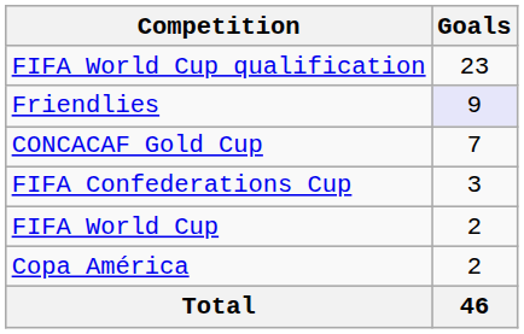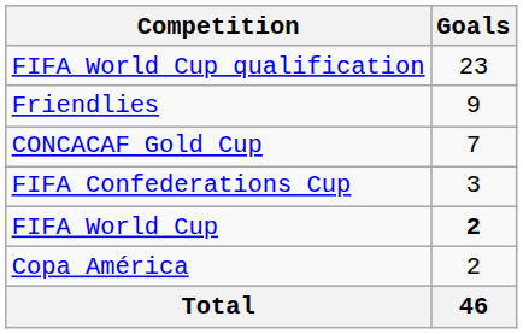 <table class="wikitable sortable" style="text-align:center">
 <tr>
 <th scope="col">Competition</th>
 <th scope="col">Goals</th>
 </tr>
 <tr>
 <td style="text-align:left"><a href='#'>FIFA World Cup qualification</a></td>
 <td>23</td>
 </tr>
 <tr>
 <td style="text-align:left"><a href='#'>Friendlies</a></td>
-<td style="background: lavender;">9</td>
+<td>9</td>
 </tr>
 <tr>
 <td style="text-align:left"><a href='#'>CONCACAF Gold Cup</a></td>
 <td>7</td>
 </tr>
 <tr>
 <td style="text-align:left"><a href='#'>FIFA Confederations Cup</a></td>
 <td>3</td>
 </tr>
 <tr>
 <td style="text-align:left"><a href='#'>FIFA World Cup</a></td>
-<td>2</td>
+<td><strong>2</strong></td>
 </tr>
 <tr>
 <td style="text-align:left"><a href='#'>Copa América</a></td>
 <td>2</td>
 </tr>
 <tr>
 <th>Total</th>
 <th>46</th>
 </tr>
 </table>
